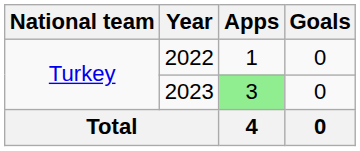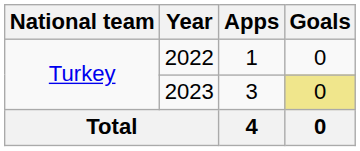 <table class="wikitable" style="text-align:center">
 <tr>
 <th>National team</th>
 <th>Year</th>
 <th>Apps</th>
 <th>Goals</th>
 </tr>
 <tr>
 <td rowspan="2"><a href='#'>Turkey</a></td>
 <td>2022</td>
 <td>1</td>
 <td>0</td>
 </tr>
 <tr>
 <td>2023</td>
-<td style="background: lightgreen;">3</td>
-<td>0</td>
+<td>3</td>
+<td style="background: khaki;">0</td>
 </tr>
 <tr>
 <th colspan="2">Total</th>
 <th>4</th>
 <th>0</th>
 </tr>
 </table>
